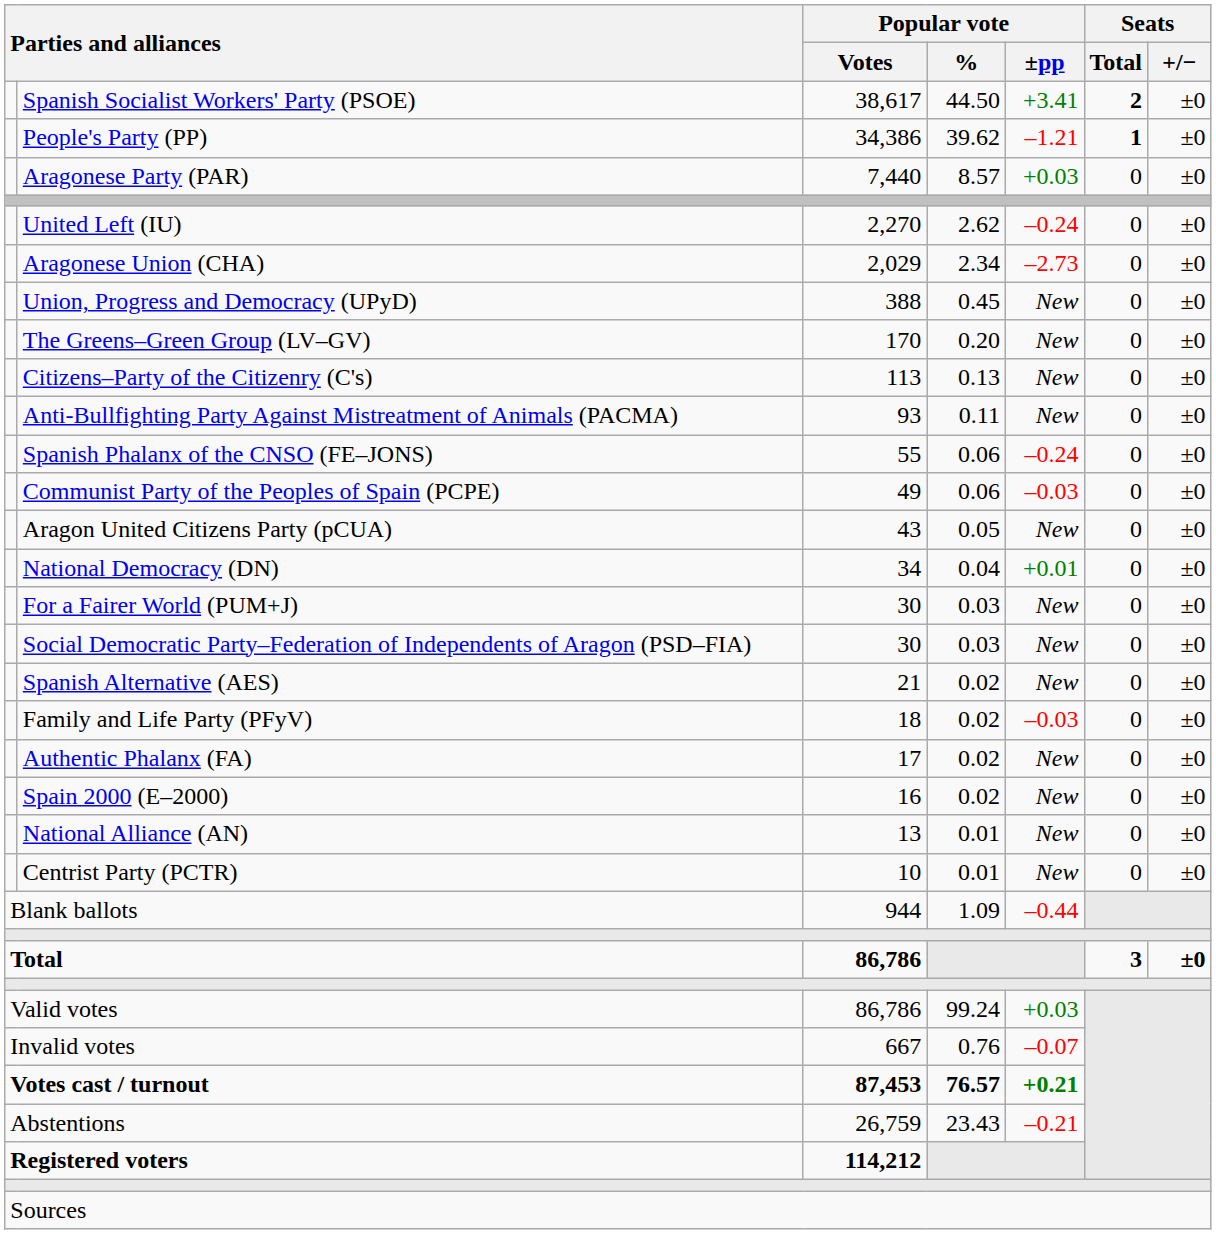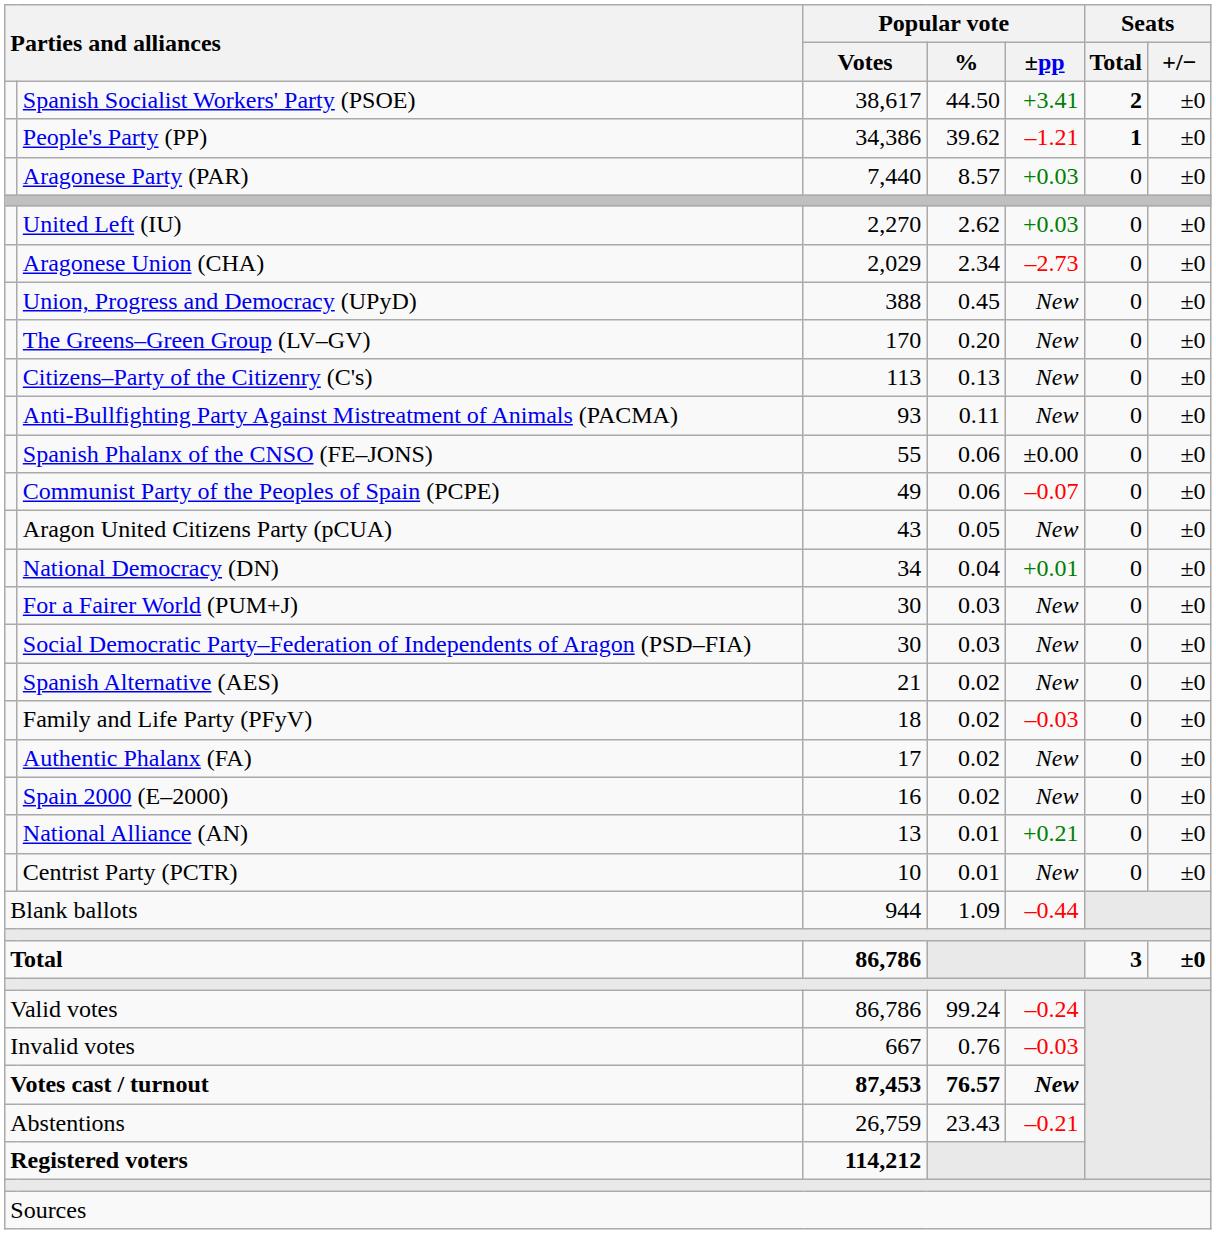 <table class="wikitable" style="text-align:right;">
 <tr>
 <th style="text-align:left;" rowspan="2" colspan="2" width="525">Parties and alliances</th>
 <th colspan="3">Popular vote</th>
 <th colspan="2">Seats</th>
 </tr>
 <tr>
 <th width="75">Votes</th>
 <th width="45">%</th>
 <th width="45">±<a href='#'>pp</a></th>
 <th width="35">Total</th>
 <th width="35">+/−</th>
 </tr>
 <tr>
 <td width="1" style="color:inherit;background:"></td>
 <td align="left"><a href='#'>Spanish Socialist Workers' Party</a> (PSOE)</td>
 <td>38,617</td>
 <td>44.50</td>
 <td style="color:green;">+3.41</td>
 <td><strong>2</strong></td>
 <td>±0</td>
 </tr>
 <tr>
 <td style="color:inherit;background:"></td>
 <td align="left"><a href='#'>People's Party</a> (PP)</td>
 <td>34,386</td>
 <td>39.62</td>
 <td style="color:red;">–1.21</td>
 <td><strong>1</strong></td>
 <td>±0</td>
 </tr>
 <tr>
 <td style="color:inherit;background:"></td>
 <td align="left"><a href='#'>Aragonese Party</a> (PAR)</td>
 <td>7,440</td>
 <td>8.57</td>
 <td style="color:green;">+0.03</td>
 <td>0</td>
 <td>±0</td>
 </tr>
 <tr>
 <td colspan="7" bgcolor="#C0C0C0"></td>
 </tr>
 <tr>
 <td style="color:inherit;background:"></td>
 <td align="left"><a href='#'>United Left</a> (IU)</td>
 <td>2,270</td>
 <td>2.62</td>
-<td style="color:red;">–0.24</td>
+<td style="color:green;">+0.03</td>
 <td>0</td>
 <td>±0</td>
 </tr>
 <tr>
 <td style="color:inherit;background:"></td>
 <td align="left"><a href='#'>Aragonese Union</a> (CHA)</td>
 <td>2,029</td>
 <td>2.34</td>
 <td style="color:red;">–2.73</td>
 <td>0</td>
 <td>±0</td>
 </tr>
 <tr>
 <td style="color:inherit;background:"></td>
 <td align="left"><a href='#'>Union, Progress and Democracy</a> (UPyD)</td>
 <td>388</td>
 <td>0.45</td>
 <td><em>New</em></td>
 <td>0</td>
 <td>±0</td>
 </tr>
 <tr>
 <td style="color:inherit;background:"></td>
 <td align="left"><a href='#'>The Greens–Green Group</a> (LV–GV)</td>
 <td>170</td>
 <td>0.20</td>
 <td><em>New</em></td>
 <td>0</td>
 <td>±0</td>
 </tr>
 <tr>
 <td style="color:inherit;background:"></td>
 <td align="left"><a href='#'>Citizens–Party of the Citizenry</a> (C's)</td>
 <td>113</td>
 <td>0.13</td>
 <td><em>New</em></td>
 <td>0</td>
 <td>±0</td>
 </tr>
 <tr>
 <td style="color:inherit;background:"></td>
 <td align="left"><a href='#'>Anti-Bullfighting Party Against Mistreatment of Animals</a> (PACMA)</td>
 <td>93</td>
 <td>0.11</td>
 <td><em>New</em></td>
 <td>0</td>
 <td>±0</td>
 </tr>
 <tr>
 <td style="color:inherit;background:"></td>
 <td align="left"><a href='#'>Spanish Phalanx of the CNSO</a> (FE–JONS)</td>
 <td>55</td>
 <td>0.06</td>
-<td style="color:red;">–0.24</td>
+<td>±0.00</td>
 <td>0</td>
 <td>±0</td>
 </tr>
 <tr>
 <td style="color:inherit;background:"></td>
 <td align="left"><a href='#'>Communist Party of the Peoples of Spain</a> (PCPE)</td>
 <td>49</td>
 <td>0.06</td>
-<td style="color:red;">–0.03</td>
+<td style="color:red;">–0.07</td>
 <td>0</td>
 <td>±0</td>
 </tr>
 <tr>
 <td style="color:inherit;background:"></td>
 <td align="left">Aragon United Citizens Party (pCUA)</td>
 <td>43</td>
 <td>0.05</td>
 <td><em>New</em></td>
 <td>0</td>
 <td>±0</td>
 </tr>
 <tr>
 <td style="color:inherit;background:"></td>
 <td align="left"><a href='#'>National Democracy</a> (DN)</td>
 <td>34</td>
 <td>0.04</td>
 <td style="color:green;">+0.01</td>
 <td>0</td>
 <td>±0</td>
 </tr>
 <tr>
 <td style="color:inherit;background:"></td>
 <td align="left"><a href='#'>For a Fairer World</a> (PUM+J)</td>
 <td>30</td>
 <td>0.03</td>
 <td><em>New</em></td>
 <td>0</td>
 <td>±0</td>
 </tr>
 <tr>
 <td style="color:inherit;background:"></td>
 <td align="left"><a href='#'>Social Democratic Party–Federation of Independents of Aragon</a> (PSD–FIA)</td>
 <td>30</td>
 <td>0.03</td>
 <td><em>New</em></td>
 <td>0</td>
 <td>±0</td>
 </tr>
 <tr>
 <td style="color:inherit;background:"></td>
 <td align="left"><a href='#'>Spanish Alternative</a> (AES)</td>
 <td>21</td>
 <td>0.02</td>
 <td><em>New</em></td>
 <td>0</td>
 <td>±0</td>
 </tr>
 <tr>
 <td style="color:inherit;background:"></td>
 <td align="left">Family and Life Party (PFyV)</td>
 <td>18</td>
 <td>0.02</td>
 <td style="color:red;">–0.03</td>
 <td>0</td>
 <td>±0</td>
 </tr>
 <tr>
 <td style="color:inherit;background:"></td>
 <td align="left"><a href='#'>Authentic Phalanx</a> (FA)</td>
 <td>17</td>
 <td>0.02</td>
 <td><em>New</em></td>
 <td>0</td>
 <td>±0</td>
 </tr>
 <tr>
 <td style="color:inherit;background:"></td>
 <td align="left"><a href='#'>Spain 2000</a> (E–2000)</td>
 <td>16</td>
 <td>0.02</td>
 <td><em>New</em></td>
 <td>0</td>
 <td>±0</td>
 </tr>
 <tr>
 <td style="color:inherit;background:"></td>
 <td align="left"><a href='#'>National Alliance</a> (AN)</td>
 <td>13</td>
 <td>0.01</td>
-<td><em>New</em></td>
+<td style="color:green;">+0.21</td>
 <td>0</td>
 <td>±0</td>
 </tr>
 <tr>
 <td style="color:inherit;background:"></td>
 <td align="left">Centrist Party (PCTR)</td>
 <td>10</td>
 <td>0.01</td>
 <td><em>New</em></td>
 <td>0</td>
 <td>±0</td>
 </tr>
 <tr>
 <td align="left" colspan="2">Blank ballots</td>
 <td>944</td>
 <td>1.09</td>
 <td style="color:red;">–0.44</td>
 <td bgcolor="#E9E9E9" colspan="2"></td>
 </tr>
 <tr>
 <td colspan="7" bgcolor="#E9E9E9"></td>
 </tr>
 <tr style="font-weight:bold;">
 <td align="left" colspan="2">Total</td>
 <td>86,786</td>
 <td bgcolor="#E9E9E9" colspan="2"></td>
 <td>3</td>
 <td>±0</td>
 </tr>
 <tr>
 <td colspan="7" bgcolor="#E9E9E9"></td>
 </tr>
 <tr>
 <td align="left" colspan="2">Valid votes</td>
 <td>86,786</td>
 <td>99.24</td>
-<td style="color:green;">+0.03</td>
+<td style="color:red;">–0.24</td>
 <td bgcolor="#E9E9E9" colspan="2" rowspan="5"></td>
 </tr>
 <tr>
 <td align="left" colspan="2">Invalid votes</td>
 <td>667</td>
 <td>0.76</td>
-<td style="color:red;">–0.07</td>
+<td style="color:red;">–0.03</td>
 </tr>
 <tr style="font-weight:bold;">
 <td align="left" colspan="2">Votes cast / turnout</td>
 <td>87,453</td>
 <td>76.57</td>
-<td style="color:green;">+0.21</td>
+<td><em>New</em></td>
 </tr>
 <tr>
 <td align="left" colspan="2">Abstentions</td>
 <td>26,759</td>
 <td>23.43</td>
 <td style="color:red;">–0.21</td>
 </tr>
 <tr style="font-weight:bold;">
 <td align="left" colspan="2">Registered voters</td>
 <td>114,212</td>
 <td bgcolor="#E9E9E9" colspan="2"></td>
 </tr>
 <tr>
 <td colspan="7" bgcolor="#E9E9E9"></td>
 </tr>
 <tr>
 <td align="left" colspan="7">Sources</td>
 </tr>
 </table>
